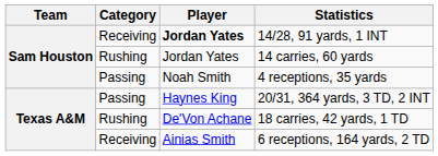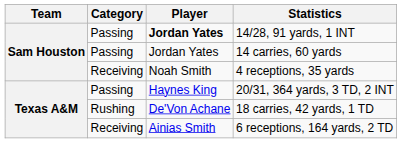 <table class="wikitable" style="float:right">
 <tr>
 <th>Team</th>
 <th>Category</th>
 <th>Player</th>
 <th>Statistics</th>
 </tr>
 <tr>
 <th rowspan=3>Sam Houston</th>
-<td>Receiving</td>
+<td>Passing</td>
 <td><strong>Jordan Yates</strong></td>
 <td>14/28, 91 yards, 1 INT</td>
 </tr>
 <tr>
-<td>Rushing</td>
+<td>Passing</td>
 <td>Jordan Yates</td>
 <td>14 carries, 60 yards</td>
 </tr>
 <tr>
-<td>Passing</td>
+<td>Receiving</td>
 <td>Noah Smith</td>
 <td>4 receptions, 35 yards</td>
 </tr>
 <tr>
 <th rowspan=3>Texas A&M</th>
 <td>Passing</td>
 <td><a href='#'>Haynes King</a></td>
 <td>20/31, 364 yards, 3 TD, 2 INT</td>
 </tr>
 <tr>
 <td>Rushing</td>
 <td><a href='#'>De'Von Achane</a></td>
 <td>18 carries, 42 yards, 1 TD</td>
 </tr>
 <tr>
 <td>Receiving</td>
 <td><a href='#'>Ainias Smith</a></td>
 <td>6 receptions, 164 yards, 2 TD</td>
 </tr>
 </table>
